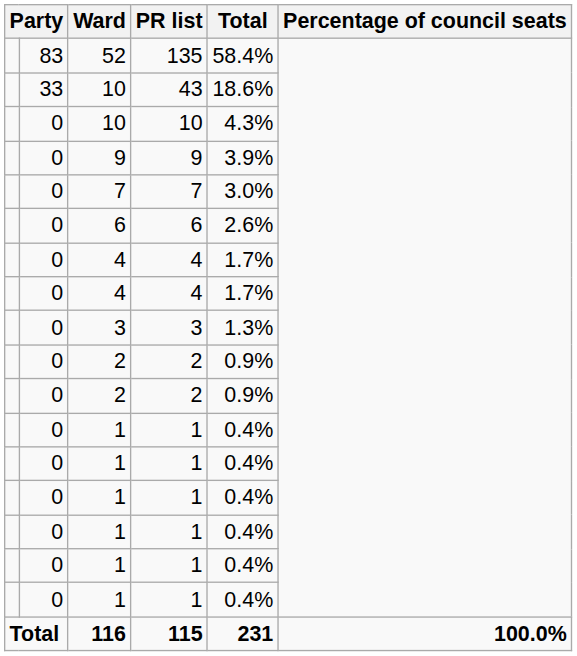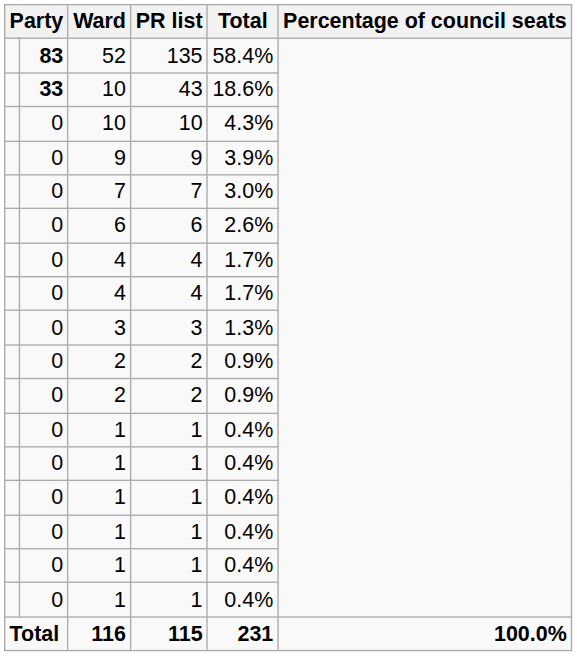 <table class=wikitable style="text-align:right">
 <tr>
 <th colspan=2>Party</th>
 <th>Ward</th>
 <th>PR list</th>
 <th>Total</th>
 <th>Percentage of council seats</th>
 </tr>
 <tr>
 <td></td>
-<td>83</td>
+<td><strong>83</strong></td>
 <td>52</td>
 <td>135</td>
 <td>58.4%</td>
 </tr>
 <tr>
 <td></td>
-<td>33</td>
+<td><strong>33</strong></td>
 <td>10</td>
 <td>43</td>
 <td>18.6%</td>
 </tr>
 <tr>
 <td></td>
 <td>0</td>
 <td>10</td>
 <td>10</td>
 <td>4.3%</td>
 </tr>
 <tr>
 <td></td>
 <td>0</td>
 <td>9</td>
 <td>9</td>
 <td>3.9%</td>
 </tr>
 <tr>
 <td></td>
 <td>0</td>
 <td>7</td>
 <td>7</td>
 <td>3.0%</td>
 </tr>
 <tr>
 <td></td>
 <td>0</td>
 <td>6</td>
 <td>6</td>
 <td>2.6%</td>
 </tr>
 <tr>
 <td></td>
 <td>0</td>
 <td>4</td>
 <td>4</td>
 <td>1.7%</td>
 </tr>
 <tr>
 <td></td>
 <td>0</td>
 <td>4</td>
 <td>4</td>
 <td>1.7%</td>
 </tr>
 <tr>
 <td></td>
 <td>0</td>
 <td>3</td>
 <td>3</td>
 <td>1.3%</td>
 </tr>
 <tr>
 <td></td>
 <td>0</td>
 <td>2</td>
 <td>2</td>
 <td>0.9%</td>
 </tr>
 <tr>
 <td></td>
 <td>0</td>
 <td>2</td>
 <td>2</td>
 <td>0.9%</td>
 </tr>
 <tr>
 <td></td>
 <td>0</td>
 <td>1</td>
 <td>1</td>
 <td>0.4%</td>
 </tr>
 <tr>
 <td></td>
 <td>0</td>
 <td>1</td>
 <td>1</td>
 <td>0.4%</td>
 </tr>
 <tr>
 <td></td>
 <td>0</td>
 <td>1</td>
 <td>1</td>
 <td>0.4%</td>
 </tr>
 <tr>
 <td></td>
 <td>0</td>
 <td>1</td>
 <td>1</td>
 <td>0.4%</td>
 </tr>
 <tr>
 <td></td>
 <td>0</td>
 <td>1</td>
 <td>1</td>
 <td>0.4%</td>
 </tr>
 <tr>
 <td></td>
 <td>0</td>
 <td>1</td>
 <td>1</td>
 <td>0.4%</td>
 </tr>
 <tr>
 <td colspan="2" style="text-align:left"><strong>Total</strong></td>
 <td><strong>116</strong></td>
 <td><strong>115</strong></td>
 <td><strong>231</strong></td>
 <td><strong>100.0%</strong></td>
 </tr>
 </table>
